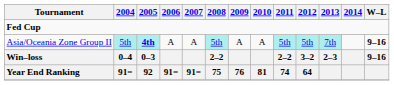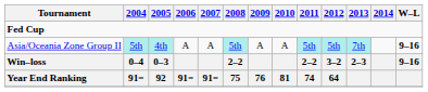 <table class=wikitable style=text-align:center;font-size:80%>
 <tr>
 <th>Tournament</th>
 <th><a href='#'>2004</a></th>
 <th><a href='#'>2005</a></th>
 <th><a href='#'>2006</a></th>
 <th><a href='#'>2007</a></th>
 <th><a href='#'>2008</a></th>
 <th><a href='#'>2009</a></th>
 <th><a href='#'>2010</a></th>
 <th><a href='#'>2011</a></th>
 <th><a href='#'>2012</a></th>
 <th><a href='#'>2013</a></th>
 <th><a href='#'>2014</a></th>
 <th>W–L</th>
 </tr>
 <tr>
 <td colspan=40 align=left><strong>Fed Cup</strong></td>
 </tr>
 <tr>
 <td align=left><a href='#'>Asia/Oceania Zone Group II</a></td>
 <td bgcolor=afeeee><a href='#'>5th</a></td>
-<td bgcolor=afeeee><strong><a href='#'>4th</a></strong></td>
+<td bgcolor=afeeee><a href='#'>4th</a></td>
 <td>A</td>
 <td>A</td>
 <td bgcolor=afeeee><a href='#'>5th</a></td>
 <td>A</td>
 <td>A</td>
 <td bgcolor=afeeee><a href='#'>5th</a></td>
 <td bgcolor=afeeee><a href='#'>5th</a></td>
 <td bgcolor=afeeee><a href='#'>7th</a></td>
 <td></td>
 <td><strong>9–16</strong></td>
 </tr>
 <tr>
 <th style=text-align:left>Win–loss</th>
 <th>0–4</th>
 <th>0–3</th>
 <th></th>
 <th></th>
 <th>2–2</th>
 <th></th>
 <th></th>
 <th>2–2</th>
 <th>3–2</th>
 <th>2–3</th>
 <th></th>
 <th>9–16</th>
 </tr>
 <tr>
 <th style=text-align:left>Year End Ranking</th>
 <th>91=</th>
 <th>92</th>
 <th>91=</th>
 <th>91=</th>
 <th>75</th>
 <th>76</th>
 <th>81</th>
 <th>74</th>
 <th>64</th>
 <th></th>
 <th></th>
 <th></th>
 </tr>
 <tr>
 </tr>
 </table>
